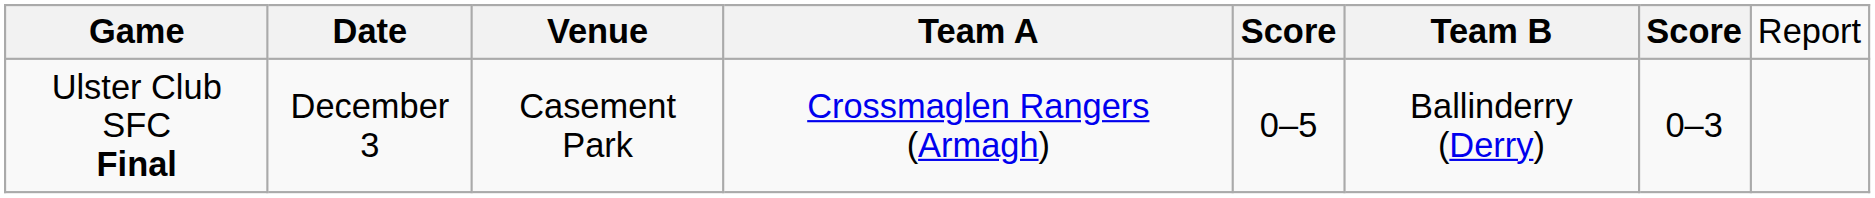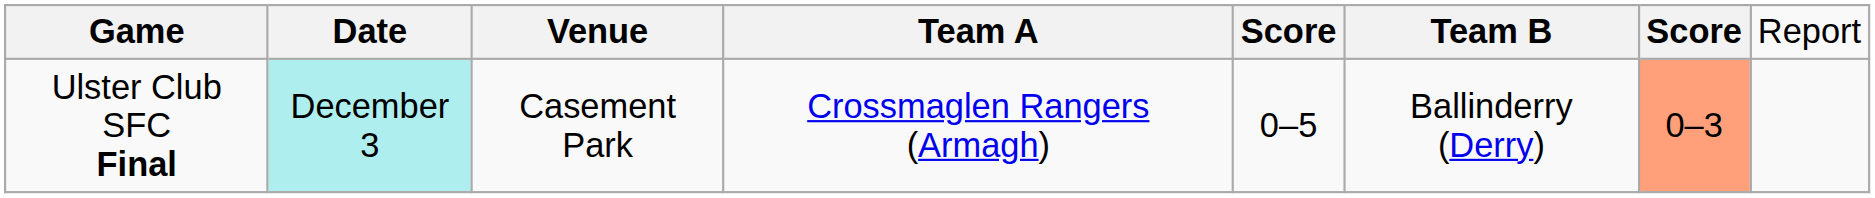 <table class="wikitable">
 <tr>
 <th>Game</th>
 <th>Date</th>
 <th>Venue</th>
 <th>Team A</th>
 <th>Score</th>
 <th>Team B</th>
 <th>Score</th>
 <td>Report</td>
 </tr>
 <tr align="center">
 <td>Ulster Club SFC<br><strong>Final</strong></td>
-<td>December 3</td>
+<td style="background: paleturquoise;">December 3</td>
 <td>Casement Park</td>
 <td><a href='#'>Crossmaglen Rangers</a> (<a href='#'>Armagh</a>)</td>
 <td>0–5</td>
 <td>Ballinderry (<a href='#'>Derry</a>)</td>
-<td>0–3</td>
+<td style="background: lightsalmon;">0–3</td>
 <td></td>
 </tr>
 </table>
